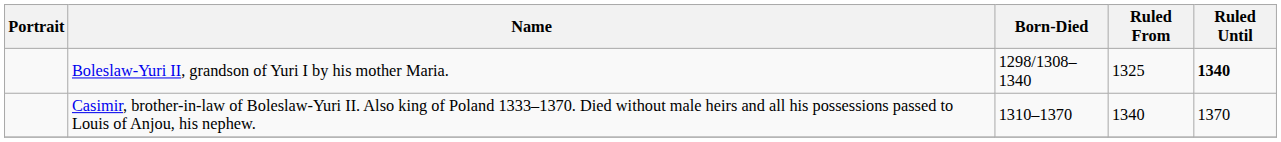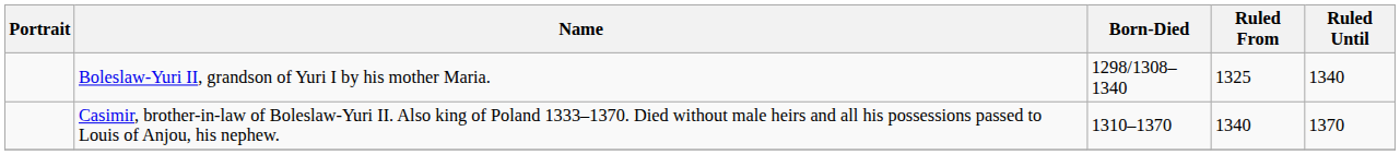 <table class="wikitable">
 <tr ->
 <th>Portrait</th>
 <th>Name</th>
 <th>Born-Died</th>
 <th>Ruled From</th>
 <th>Ruled Until</th>
 </tr>
 <tr ->
 <td></td>
 <td><a href='#'>Boleslaw-Yuri II</a>, grandson of Yuri I by his mother Maria.</td>
 <td>1298/1308–1340</td>
 <td>1325</td>
-<td><strong>1340</strong></td>
+<td>1340</td>
 </tr>
 <tr ->
 <td></td>
 <td><a href='#'>Casimir</a>, brother-in-law of Boleslaw-Yuri II. Also king of Poland 1333–1370. Died without male heirs and all his possessions passed to Louis of Anjou, his nephew.</td>
 <td>1310–1370</td>
 <td>1340</td>
 <td>1370</td>
 </tr>
 <tr ->
 </tr>
 </table>
